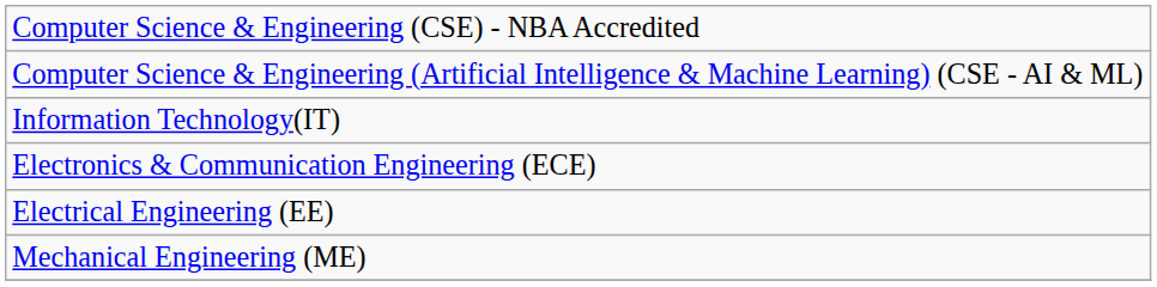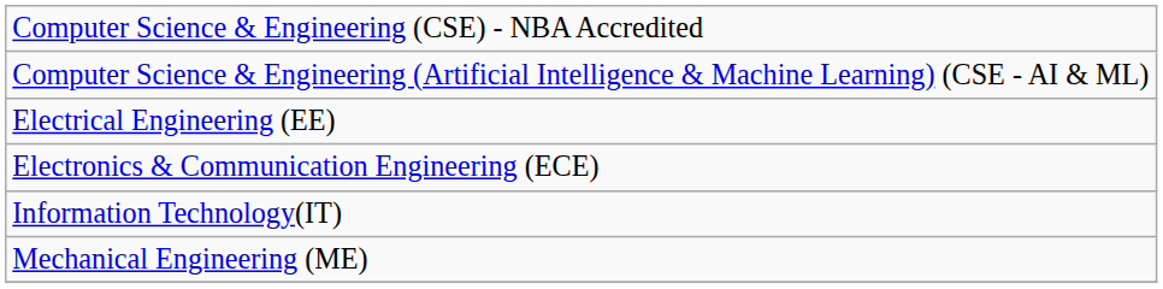 <table class="wikitable">
 <tr>
 <td><a href='#'>Computer Science & Engineering</a> (CSE) - NBA Accredited</td>
 </tr>
 <tr>
 <td><a href='#'>Computer Science & Engineering (Artificial Intelligence & Machine Learning)</a> (CSE - AI & ML)</td>
 </tr>
 <tr>
-<td><a href='#'>Information Technology</a>(IT)</td>
+<td><a href='#'>Electrical Engineering</a> (EE)</td>
 </tr>
 <tr>
 <td><a href='#'>Electronics & Communication Engineering</a>  (ECE)</td>
 </tr>
 <tr>
-<td><a href='#'>Electrical Engineering</a> (EE)</td>
+<td><a href='#'>Information Technology</a>(IT)</td>
 </tr>
 <tr>
 <td><a href='#'>Mechanical Engineering</a>  (ME)</td>
 </tr>
 <tr>
 </tr>
 </table>
